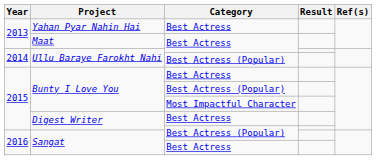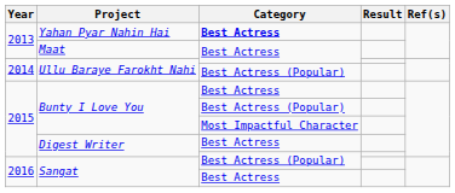 <table class="wikitable style">
 <tr>
 <th>Year</th>
 <th>Project</th>
 <th>Category</th>
 <th>Result</th>
 <th>Ref(s)</th>
 </tr>
 <tr>
 <td rowspan="2"><a href='#'>2013</a></td>
 <td><em><a href='#'>Yahan Pyar Nahin Hai</a></em></td>
-<td><a href='#'>Best Actress</a></td>
+<td><strong><a href='#'>Best Actress</a></strong></td>
 <td></td>
 <td rowspan="2"></td>
 </tr>
 <tr>
 <td><em><a href='#'>Maat</a></em></td>
 <td rowspan="2"><a href='#'>Best Actress</a></td>
 <td></td>
 </tr>
 <tr>
 <td rowspan="2"><a href='#'>2014</a></td>
 <td rowspan="2"><em><a href='#'>Ullu Baraye Farokht Nahi</a></em></td>
 <td></td>
 <td rowspan="2"></td>
 </tr>
 <tr>
 <td><a href='#'>Best Actress (Popular)</a></td>
 <td></td>
 </tr>
 <tr>
 <td rowspan="5"><a href='#'>2015</a></td>
 <td rowspan="3"><em><a href='#'>Bunty I Love You</a></em></td>
 <td><a href='#'>Best Actress</a></td>
 <td></td>
 <td rowspan="5"></td>
 </tr>
 <tr>
 <td><a href='#'>Best Actress (Popular)</a></td>
 <td></td>
 </tr>
 <tr>
 <td><a href='#'>Most Impactful Character</a></td>
 <td></td>
 </tr>
 <tr>
 <td rowspan="2"><em><a href='#'>Digest Writer</a></em></td>
 <td><a href='#'>Best Actress</a></td>
 <td></td>
 </tr>
 <tr>
 <td rowspan="2"><a href='#'>Best Actress (Popular)</a></td>
 <td></td>
 </tr>
 <tr>
 <td rowspan="2"><a href='#'>2016</a></td>
 <td rowspan="2"><em><a href='#'>Sangat</a></em></td>
 <td></td>
 <td rowspan="2"></td>
 </tr>
 <tr>
 <td><a href='#'>Best Actress</a></td>
 <td></td>
 </tr>
 </table>
